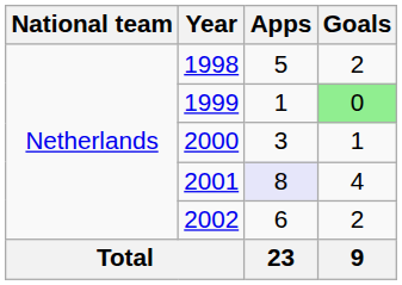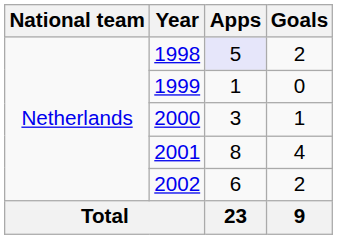 <table class="wikitable" style="text-align:center">
 <tr>
 <th>National team</th>
 <th>Year</th>
 <th>Apps</th>
 <th>Goals</th>
 </tr>
 <tr>
 <td rowspan="5"><a href='#'>Netherlands</a></td>
 <td><a href='#'>1998</a></td>
-<td>5</td>
+<td style="background: lavender;">5</td>
 <td>2</td>
 </tr>
 <tr>
 <td><a href='#'>1999</a></td>
 <td>1</td>
-<td style="background: lightgreen;">0</td>
+<td>0</td>
 </tr>
 <tr>
 <td><a href='#'>2000</a></td>
 <td>3</td>
 <td>1</td>
 </tr>
 <tr>
 <td><a href='#'>2001</a></td>
-<td style="background: lavender;">8</td>
+<td>8</td>
 <td>4</td>
 </tr>
 <tr>
 <td><a href='#'>2002</a></td>
 <td>6</td>
 <td>2</td>
 </tr>
 <tr>
 <th colspan="2">Total</th>
 <th>23</th>
 <th>9</th>
 </tr>
 </table>
